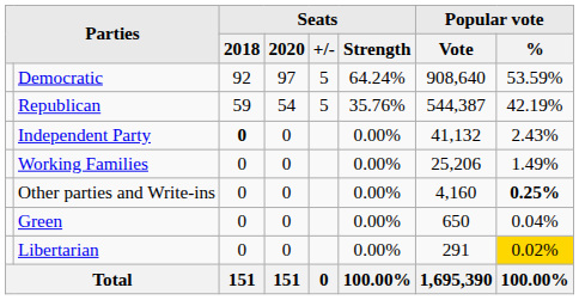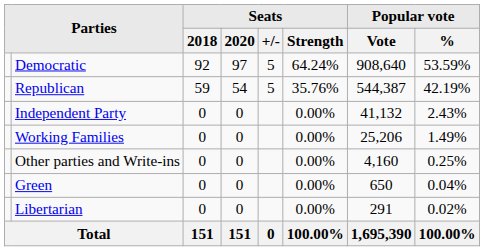 <table class="wikitable">
 <tr>
 <th colspan="2" rowspan="2" style="background-color:#E9E9E9" align="center">Parties</th>
 <th colspan="4" style="background-color:#E9E9E9" align="center">Seats</th>
 <th colspan="2" style="background-color:#E9E9E9" align="center">Popular vote</th>
 </tr>
 <tr>
 <th align="center">2018</th>
 <th align="center">2020</th>
 <th align="center">+/-</th>
 <th align="center">Strength</th>
 <th align="center">Vote</th>
 <th align="center">%</th>
 </tr>
 <tr>
 <td></td>
 <td><a href='#'>Democratic</a></td>
 <td align="center" >92</td>
 <td align="center" >97</td>
 <td align="center" >5</td>
 <td align="center" >64.24%</td>
 <td align="center" >908,640</td>
 <td align="center" >53.59%</td>
 </tr>
 <tr>
 <td></td>
 <td align="left"><a href='#'>Republican</a></td>
 <td align="center">59</td>
 <td align="center">54</td>
 <td align="center">5</td>
 <td align="center">35.76%</td>
 <td align="center">544,387</td>
 <td align="center">42.19%</td>
 </tr>
 <tr>
 <td></td>
 <td align="left"><a href='#'>Independent Party</a></td>
-<td align="center"><strong>0</strong></td>
+<td align="center">0</td>
 <td align="center">0</td>
 <td align="center"></td>
 <td align="center">0.00%</td>
 <td align="center">41,132</td>
 <td align="center">2.43%</td>
 </tr>
 <tr>
 <td></td>
 <td align="left"><a href='#'>Working Families</a></td>
 <td align="center">0</td>
 <td align="center">0</td>
 <td align="center"></td>
 <td align="center">0.00%</td>
 <td align="center">25,206</td>
 <td align="center">1.49%</td>
 </tr>
 <tr>
 <td></td>
 <td align="left">Other parties and Write-ins</td>
 <td align="center">0</td>
 <td align="center">0</td>
 <td align="center"></td>
 <td align="center">0.00%</td>
 <td align="center">4,160</td>
-<td align="center"><strong>0.25%</strong></td>
+<td align="center">0.25%</td>
 </tr>
 <tr>
 <td></td>
 <td align="left"><a href='#'>Green</a></td>
 <td align="center">0</td>
 <td align="center">0</td>
 <td align="center"></td>
 <td align="center">0.00%</td>
 <td align="center">650</td>
 <td align="center">0.04%</td>
 </tr>
 <tr>
 <td></td>
 <td align="left"><a href='#'>Libertarian</a></td>
 <td align="center">0</td>
 <td align="center">0</td>
 <td align="center"></td>
 <td align="center">0.00%</td>
 <td align="center">291</td>
-<td align="center" style="background: gold;">0.02%</td>
+<td align="center">0.02%</td>
 </tr>
 <tr>
 <th colspan="2">Total</th>
 <th>151</th>
 <th>151</th>
 <th>0</th>
 <th>100.00%</th>
 <th>1,695,390</th>
 <th>100.00%</th>
 </tr>
 </table>
